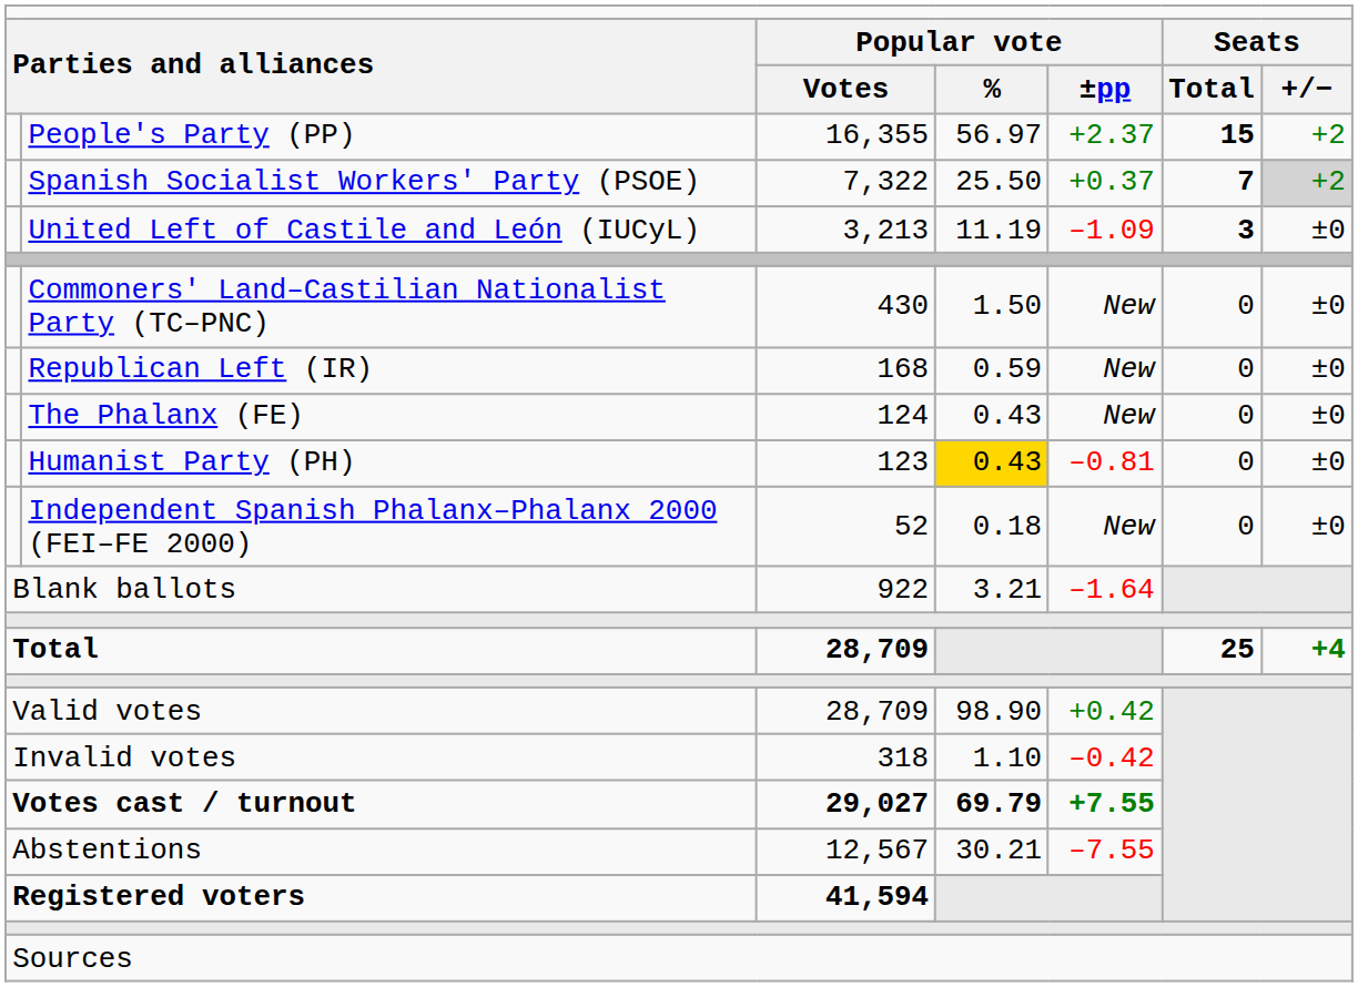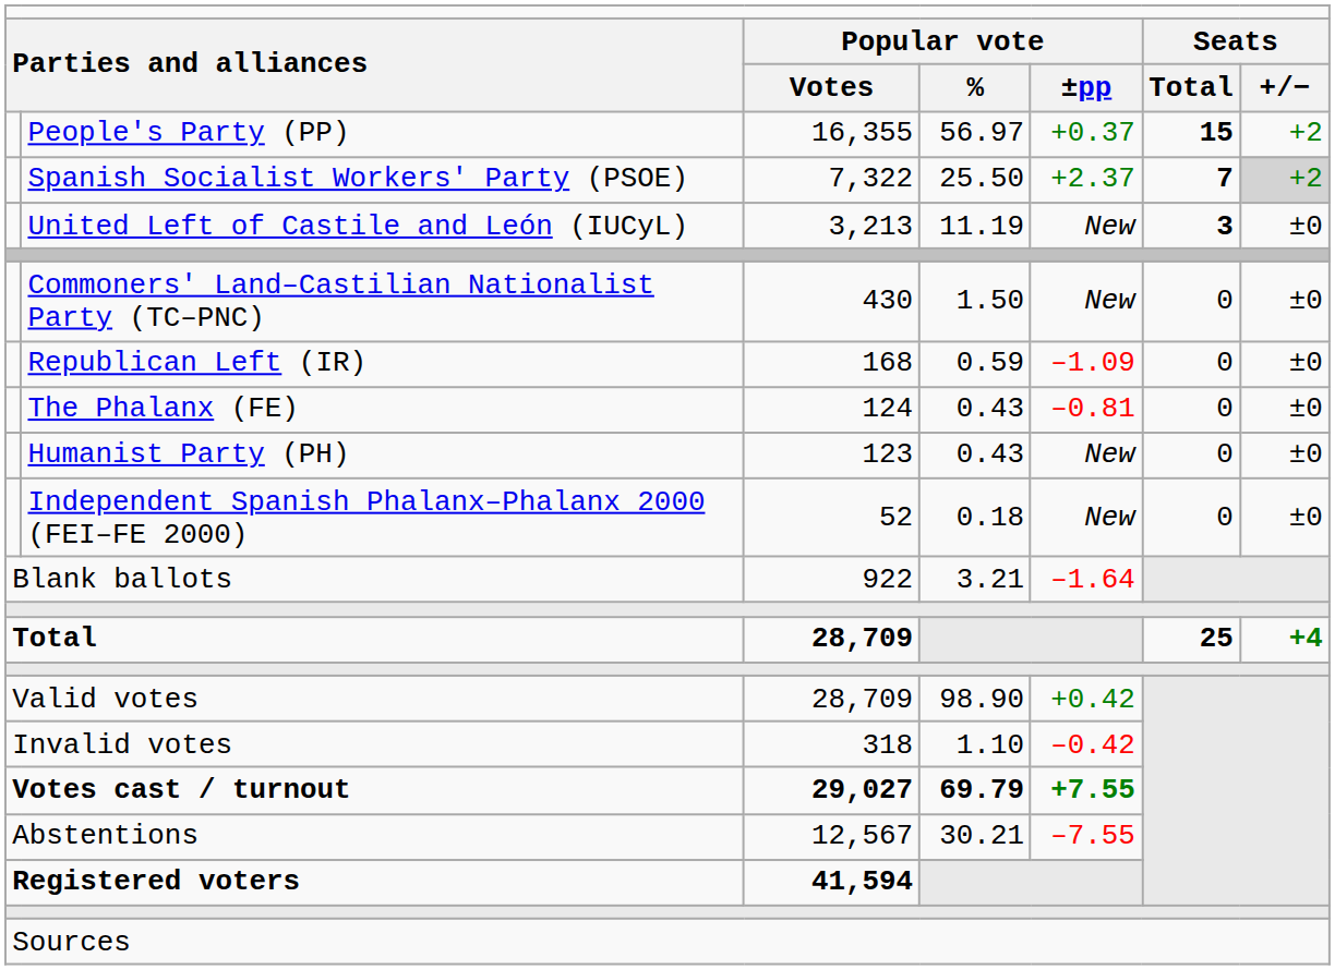 <table class="wikitable" style="text-align:right;">
 <tr>
 <td colspan="7"></td>
 </tr>
 <tr>
 <th style="text-align:left;" rowspan="2" colspan="2" width="525">Parties and alliances</th>
 <th colspan="3">Popular vote</th>
 <th colspan="2">Seats</th>
 </tr>
 <tr>
 <th width="75">Votes</th>
 <th width="45">%</th>
 <th width="45">±<a href='#'>pp</a></th>
 <th width="35">Total</th>
 <th width="35">+/−</th>
 </tr>
 <tr>
 <td width="1" style="color:inherit;background:"></td>
 <td align="left"><a href='#'>People's Party</a> (PP)</td>
 <td>16,355</td>
 <td>56.97</td>
-<td style="color:green;">+2.37</td>
+<td style="color:green;">+0.37</td>
 <td><strong>15</strong></td>
 <td style="color:green;">+2</td>
 </tr>
 <tr>
 <td style="color:inherit;background:"></td>
 <td align="left"><a href='#'>Spanish Socialist Workers' Party</a> (PSOE)</td>
 <td>7,322</td>
 <td>25.50</td>
-<td style="color:green;">+0.37</td>
+<td style="color:green;">+2.37</td>
 <td><strong>7</strong></td>
 <td style="background: lightgrey; color:green;">+2</td>
 </tr>
 <tr>
 <td style="color:inherit;background:"></td>
 <td align="left"><a href='#'>United Left of Castile and León</a> (IUCyL)</td>
 <td>3,213</td>
 <td>11.19</td>
-<td style="color:red;">–1.09</td>
+<td><em>New</em></td>
 <td><strong>3</strong></td>
 <td>±0</td>
 </tr>
 <tr>
 <td colspan="7" bgcolor="#C0C0C0"></td>
 </tr>
 <tr>
 <td style="color:inherit;background:"></td>
 <td align="left"><a href='#'>Commoners' Land–Castilian Nationalist Party</a> (TC–PNC)</td>
 <td>430</td>
 <td>1.50</td>
 <td><em>New</em></td>
 <td>0</td>
 <td>±0</td>
 </tr>
 <tr>
 <td style="color:inherit;background:"></td>
 <td align="left"><a href='#'>Republican Left</a> (IR)</td>
 <td>168</td>
 <td>0.59</td>
-<td><em>New</em></td>
+<td style="color:red;">–1.09</td>
 <td>0</td>
 <td>±0</td>
 </tr>
 <tr>
 <td style="color:inherit;background:"></td>
 <td align="left"><a href='#'>The Phalanx</a> (FE)</td>
 <td>124</td>
 <td>0.43</td>
-<td><em>New</em></td>
+<td style="color:red;">–0.81</td>
 <td>0</td>
 <td>±0</td>
 </tr>
 <tr>
 <td style="color:inherit;background:"></td>
 <td align="left"><a href='#'>Humanist Party</a> (PH)</td>
 <td>123</td>
-<td style="background: gold;">0.43</td>
-<td style="color:red;">–0.81</td>
+<td>0.43</td>
+<td><em>New</em></td>
 <td>0</td>
 <td>±0</td>
 </tr>
 <tr>
 <td style="color:inherit;background:"></td>
 <td align="left"><a href='#'>Independent Spanish Phalanx–Phalanx 2000</a> (FEI–FE 2000)</td>
 <td>52</td>
 <td>0.18</td>
 <td><em>New</em></td>
 <td>0</td>
 <td>±0</td>
 </tr>
 <tr>
 <td align="left" colspan="2">Blank ballots</td>
 <td>922</td>
 <td>3.21</td>
 <td style="color:red;">–1.64</td>
 <td bgcolor="#E9E9E9" colspan="2"></td>
 </tr>
 <tr>
 <td colspan="7" bgcolor="#E9E9E9"></td>
 </tr>
 <tr style="font-weight:bold;">
 <td align="left" colspan="2">Total</td>
 <td>28,709</td>
 <td bgcolor="#E9E9E9" colspan="2"></td>
 <td>25</td>
 <td style="color:green;">+4</td>
 </tr>
 <tr>
 <td colspan="7" bgcolor="#E9E9E9"></td>
 </tr>
 <tr>
 <td align="left" colspan="2">Valid votes</td>
 <td>28,709</td>
 <td>98.90</td>
 <td style="color:green;">+0.42</td>
 <td bgcolor="#E9E9E9" colspan="2" rowspan="5"></td>
 </tr>
 <tr>
 <td align="left" colspan="2">Invalid votes</td>
 <td>318</td>
 <td>1.10</td>
 <td style="color:red;">–0.42</td>
 </tr>
 <tr style="font-weight:bold;">
 <td align="left" colspan="2">Votes cast / turnout</td>
 <td>29,027</td>
 <td>69.79</td>
 <td style="color:green;">+7.55</td>
 </tr>
 <tr>
 <td align="left" colspan="2">Abstentions</td>
 <td>12,567</td>
 <td>30.21</td>
 <td style="color:red;">–7.55</td>
 </tr>
 <tr style="font-weight:bold;">
 <td align="left" colspan="2">Registered voters</td>
 <td>41,594</td>
 <td bgcolor="#E9E9E9" colspan="2"></td>
 </tr>
 <tr>
 <td colspan="7" bgcolor="#E9E9E9"></td>
 </tr>
 <tr>
 <td align="left" colspan="7">Sources</td>
 </tr>
 </table>
